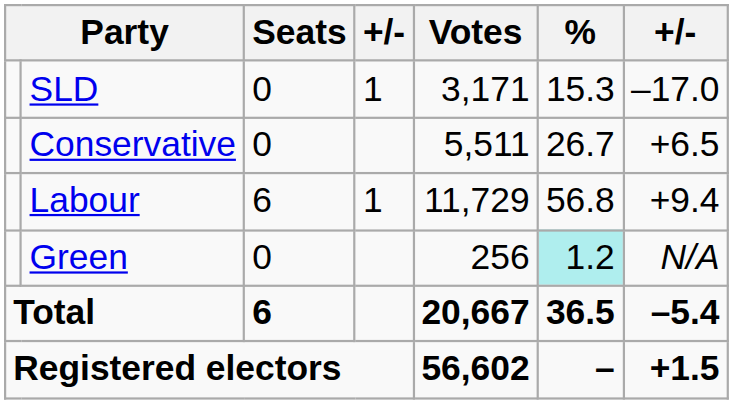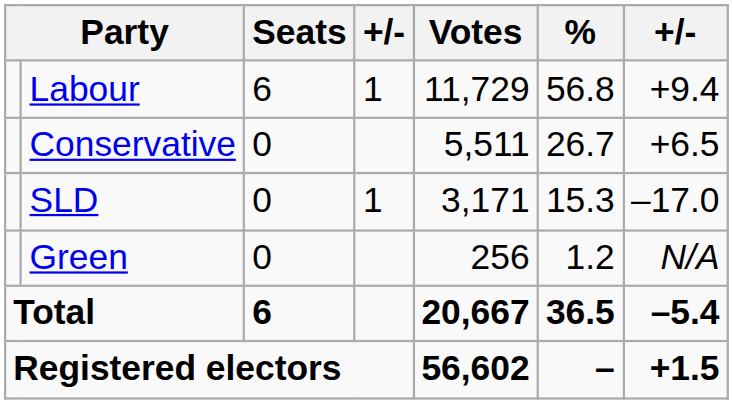 <table class="wikitable sortable">
 <tr>
 <th colspan="2">Party</th>
 <th>Seats</th>
 <th>+/-</th>
 <th>Votes</th>
 <th>%</th>
 <th>+/-</th>
+</tr>
+<tr>
+<td style="background-color: "></td>
+<td><a href='#'>Labour</a></td>
+<td>6</td>
+<td> 1</td>
+<td style="text-align:right;">11,729</td>
+<td style="text-align:right;">56.8</td>
+<td style="text-align:right;">+9.4</td>
+</tr>
+<tr>
+<td style="background-color: "></td>
+<td><a href='#'>Conservative</a></td>
+<td>0</td>
+<td></td>
+<td style="text-align:right;">5,511</td>
+<td style="text-align:right;">26.7</td>
+<td style="text-align:right;">+6.5</td>
 </tr>
 <tr>
 <td style="background-color: "></td>
 <td><a href='#'>SLD</a></td>
 <td>0</td>
 <td> 1</td>
 <td style="text-align:right;">3,171</td>
 <td style="text-align:right;">15.3</td>
 <td style="text-align:right;">–17.0</td>
 </tr>
 <tr>
 <td style="background-color: "></td>
-<td><a href='#'>Conservative</a></td>
-<td>0</td>
-<td></td>
-<td style="text-align:right;">5,511</td>
-<td style="text-align:right;">26.7</td>
-<td style="text-align:right;">+6.5</td>
-</tr>
-<tr>
-<td style="background-color: "></td>
-<td><a href='#'>Labour</a></td>
-<td>6</td>
-<td> 1</td>
-<td style="text-align:right;">11,729</td>
-<td style="text-align:right;">56.8</td>
-<td style="text-align:right;">+9.4</td>
-</tr>
-<tr>
-<td style="background-color: "></td>
 <td><a href='#'>Green</a></td>
 <td>0</td>
 <td></td>
 <td style="text-align:right;">256</td>
-<td style="background: paleturquoise; text-align:right;">1.2</td>
+<td style="text-align:right;">1.2</td>
 <td style="text-align:right;"><em>N/A</em></td>
 </tr>
 <tr>
 <td colspan="2"><strong>Total</strong></td>
 <td><strong>6</strong></td>
 <td></td>
 <td style="text-align:right;"><strong>20,667</strong></td>
 <td style="text-align:right;"><strong>36.5</strong></td>
 <td style="text-align:right;"><strong>–5.4</strong></td>
 </tr>
 <tr>
 <td colspan="4"><strong>Registered electors</strong></td>
 <td style="text-align:right;"><strong>56,602</strong></td>
 <td style="text-align:right;"><strong>–</strong></td>
 <td style="text-align:right;"><strong>+1.5</strong></td>
 </tr>
 </table>
